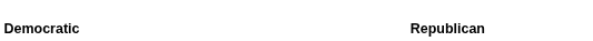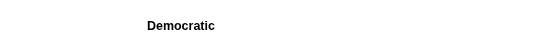 <table style="width:70%; text-align:center">
 <tr style="color:white">
 <td style="background:"><strong>230</strong></td>
 <td style="background:"><strong>2</strong></td>
-<td style="background:"><strong>162</strong></td>
 </tr>
 <tr>
 <td><span><strong>Democratic</strong></span></td>
 <td></td>
-<td><span><strong>Republican</strong></span></td>
 </tr>
 </table>
